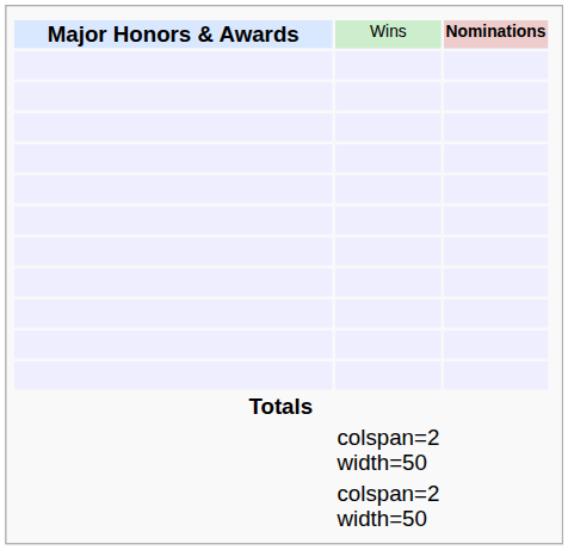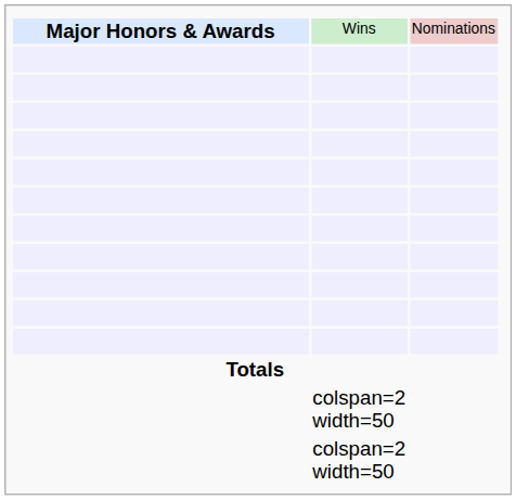 <table class="infobox" style="width: 25em; text-align: left; font-size: 90%; vertical-align: middle;">
 <tr>
 <td colspan="3" style="text-align:center;"></td>
 <td colspan="3" style="text-align:center;"></td>
 </tr>
 <tr style="background:#d9e8ff; text-align:center;">
 <th style="vertical-align: middle;">Major Honors & Awards</th>
 <td style="background:#cceecc; font-size:8pt;" width="60px">Wins</td>
-<td style="background:#eecccc; font-size:8pt;" width="60px"><strong>Nominations</strong></td>
+<td style="background:#eecccc; font-size:8pt;" width="60px">Nominations</td>
 </tr>
 <tr bgcolor=#eeeeff>
 <td align="center"><br></td>
 <td></td>
 <td></td>
 </tr>
 <tr bgcolor=#eeeeff>
 <td align="center"><br></td>
 <td></td>
 <td></td>
 </tr>
 <tr bgcolor=#eeeeff>
 <td align="center"><br></td>
 <td></td>
 <td></td>
 </tr>
 <tr bgcolor=#eeeeff>
 <td align="center"><br></td>
 <td></td>
 <td></td>
 </tr>
 <tr bgcolor=#eeeeff>
 <td align="center"><br></td>
 <td></td>
 <td></td>
 </tr>
 <tr bgcolor=#eeeeff>
 <td align="center"><br></td>
 <td></td>
 <td></td>
 </tr>
 <tr bgcolor=#eeeeff>
 <td align="center"><br></td>
 <td></td>
 <td></td>
 </tr>
 <tr bgcolor=#eeeeff>
 <td align="center"><br></td>
 <td></td>
 <td></td>
 </tr>
 <tr bgcolor=#eeeeff>
 <td align="center"><br></td>
 <td></td>
 <td></td>
 </tr>
 <tr bgcolor=#eeeeff>
 <td align="center"><br></td>
 <td></td>
 <td></td>
 </tr>
 <tr bgcolor=#eeeeff>
 <td align="center"><br></td>
 <td></td>
 <td></td>
 </tr>
 <tr>
 <td colspan="3" style="text-align:center;"><strong>Totals</strong></td>
 </tr>
 <tr>
 <td></td>
 <td>colspan=2 width=50  </td>
 </tr>
 <tr>
 <td></td>
 <td>colspan=2 width=50 </td>
 </tr>
 <tr>
 </tr>
 </table>
